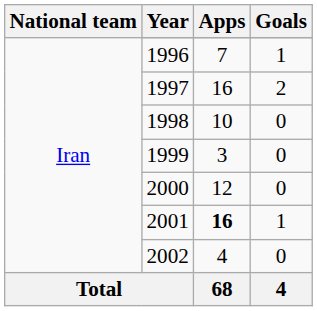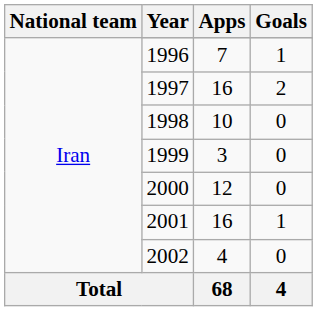 <table class="wikitable" style="text-align:center">
 <tr>
 <th>National team</th>
 <th>Year</th>
 <th>Apps</th>
 <th>Goals</th>
 </tr>
 <tr>
 <td rowspan="8"><a href='#'>Iran</a></td>
 </tr>
 <tr>
 <td>1996</td>
 <td>7</td>
 <td>1</td>
 </tr>
 <tr>
 <td>1997</td>
 <td>16</td>
 <td>2</td>
 </tr>
 <tr>
 <td>1998</td>
 <td>10</td>
 <td>0</td>
 </tr>
 <tr>
 <td>1999</td>
 <td>3</td>
 <td>0</td>
 </tr>
 <tr>
 <td>2000</td>
 <td>12</td>
 <td>0</td>
 </tr>
 <tr>
 <td>2001</td>
-<td><strong>16</strong></td>
+<td>16</td>
 <td>1</td>
 </tr>
 <tr>
 <td>2002</td>
 <td>4</td>
 <td>0</td>
 </tr>
 <tr>
 <th colspan="2">Total</th>
 <th>68</th>
 <th>4</th>
 </tr>
 </table>
